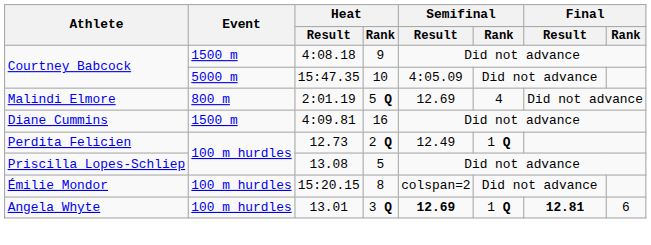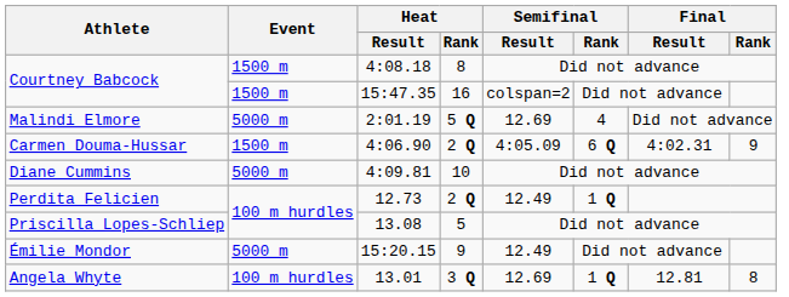 <table class=wikitable style="font-size:90%">
 <tr>
 <th rowspan="2">Athlete</th>
 <th rowspan="2">Event</th>
 <th colspan="2">Heat</th>
 <th colspan="2">Semifinal</th>
 <th colspan="2">Final</th>
 </tr>
 <tr style="font-size:95%">
 <th>Result</th>
 <th>Rank</th>
 <th>Result</th>
 <th>Rank</th>
 <th>Result</th>
 <th>Rank</th>
 </tr>
 <tr align=center>
 <td align=left rowspan=2><a href='#'>Courtney Babcock</a></td>
 <td align=left><a href='#'>1500 m</a></td>
 <td>4:08.18</td>
-<td>9</td>
+<td>8</td>
 <td colspan=4>Did not advance</td>
 </tr>
 <tr align=center>
-<td align=left><a href='#'>5000 m</a></td>
+<td align=left><a href='#'>1500 m</a></td>
 <td>15:47.35</td>
-<td>10</td>
-<td>4:05.09</td>
+<td>16</td>
+<td>colspan=2 </td>
 <td colspan=2>Did not advance</td>
 </tr>
 <tr align=center>
 <td align=left><a href='#'>Malindi Elmore</a></td>
-<td align=left><a href='#'>800 m</a></td>
+<td align=left><a href='#'>5000 m</a></td>
 <td>2:01.19</td>
 <td>5 <strong>Q</strong></td>
 <td>12.69</td>
 <td>4</td>
 <td colspan=2>Did not advance</td>
 </tr>
 <tr align=center>
+<td align=left><a href='#'>Carmen Douma-Hussar</a></td>
+<td align=left><a href='#'>1500 m</a></td>
+<td>4:06.90</td>
+<td>2 <strong>Q</strong></td>
+<td>4:05.09</td>
+<td>6 <strong>Q</strong></td>
+<td>4:02.31</td>
+<td>9</td>
+</tr>
+<tr align=center>
 <td align=left><a href='#'>Diane Cummins</a></td>
-<td align=left><a href='#'>1500 m</a></td>
+<td align=left><a href='#'>5000 m</a></td>
 <td>4:09.81</td>
-<td>16</td>
+<td>10</td>
 <td colspan=4>Did not advance</td>
 </tr>
 <tr align=center>
 <td align=left><a href='#'>Perdita Felicien</a></td>
 <td align=left rowspan=2><a href='#'>100 m hurdles</a></td>
 <td>12.73</td>
 <td>2 <strong>Q</strong></td>
 <td>12.49</td>
 <td>1 <strong>Q</strong></td>
 <td colspan=2></td>
 </tr>
 <tr align=center>
 <td align=left><a href='#'>Priscilla Lopes-Schliep</a></td>
 <td>13.08</td>
 <td>5</td>
 <td colspan=4>Did not advance</td>
 </tr>
 <tr align=center>
 <td align=left><a href='#'>Émilie Mondor</a></td>
-<td align=left><a href='#'>100 m hurdles</a></td>
+<td align=left><a href='#'>5000 m</a></td>
 <td>15:20.15</td>
-<td>8</td>
-<td>colspan=2 </td>
+<td>9</td>
+<td>12.49</td>
 <td colspan=2>Did not advance</td>
 </tr>
 <tr align=center>
 <td align=left><a href='#'>Angela Whyte</a></td>
 <td align=left><a href='#'>100 m hurdles</a></td>
 <td>13.01</td>
 <td>3 <strong>Q</strong></td>
-<td><strong>12.69</strong></td>
+<td>12.69</td>
 <td>1 <strong>Q</strong></td>
-<td><strong>12.81</strong></td>
-<td>6</td>
+<td>12.81</td>
+<td>8</td>
 </tr>
 </table>
